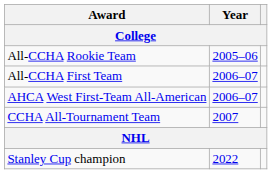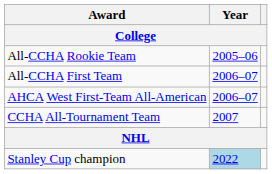 <table class="wikitable">
 <tr>
 <th>Award</th>
 <th>Year</th>
 <th></th>
 </tr>
 <tr>
 <th colspan="3"><a href='#'>College</a></th>
 </tr>
 <tr>
 <td>All-<a href='#'>CCHA</a> <a href='#'>Rookie Team</a></td>
 <td><a href='#'>2005–06</a></td>
 <td></td>
 </tr>
 <tr>
 <td>All-<a href='#'>CCHA</a> <a href='#'>First Team</a></td>
 <td><a href='#'>2006–07</a></td>
 <td></td>
 </tr>
 <tr>
 <td><a href='#'>AHCA</a> <a href='#'>West First-Team All-American</a></td>
 <td><a href='#'>2006–07</a></td>
 <td></td>
 </tr>
 <tr>
 <td><a href='#'>CCHA</a> <a href='#'>All-Tournament Team</a></td>
 <td><a href='#'>2007</a></td>
 <td></td>
 </tr>
 <tr>
 <th colspan="3"><a href='#'>NHL</a></th>
 </tr>
 <tr>
 <td><a href='#'>Stanley Cup</a> champion</td>
-<td><a href='#'>2022</a></td>
+<td style="background: lightblue;"><a href='#'>2022</a></td>
 <td></td>
 </tr>
 </table>
